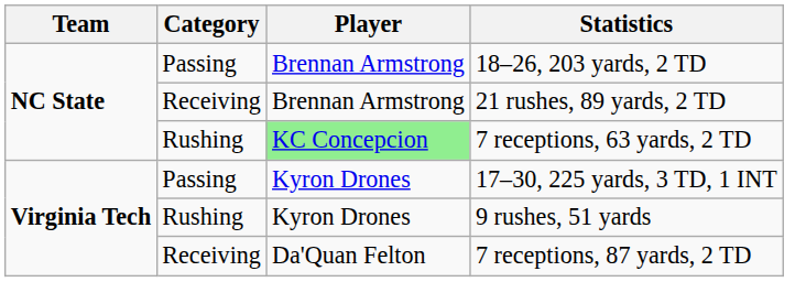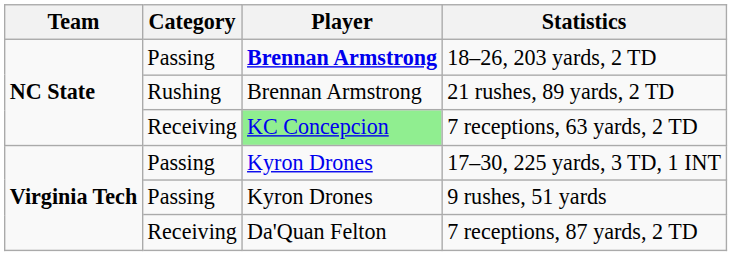 <table class="wikitable" style="float: left;">
 <tr>
 <th>Team</th>
 <th>Category</th>
 <th>Player</th>
 <th>Statistics</th>
 </tr>
 <tr>
 <td rowspan=3><strong>NC State</strong></td>
 <td>Passing</td>
-<td><a href='#'>Brennan Armstrong</a></td>
+<td><strong><a href='#'>Brennan Armstrong</a></strong></td>
 <td>18–26, 203 yards, 2 TD</td>
 </tr>
 <tr>
-<td>Receiving</td>
+<td>Rushing</td>
 <td>Brennan Armstrong</td>
 <td>21 rushes, 89 yards, 2 TD</td>
 </tr>
 <tr>
-<td>Rushing</td>
+<td>Receiving</td>
 <td style="background: lightgreen;"><a href='#'>KC Concepcion</a></td>
 <td>7 receptions, 63 yards, 2 TD</td>
 </tr>
 <tr>
 <td rowspan=3><strong>Virginia Tech</strong></td>
 <td>Passing</td>
 <td><a href='#'>Kyron Drones</a></td>
 <td>17–30, 225 yards, 3 TD, 1 INT</td>
 </tr>
 <tr>
-<td>Rushing</td>
+<td>Passing</td>
 <td>Kyron Drones</td>
 <td>9 rushes, 51 yards</td>
 </tr>
 <tr>
 <td>Receiving</td>
 <td>Da'Quan Felton</td>
 <td>7 receptions, 87 yards, 2 TD</td>
 </tr>
 </table>
